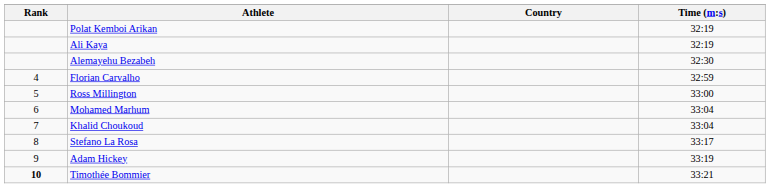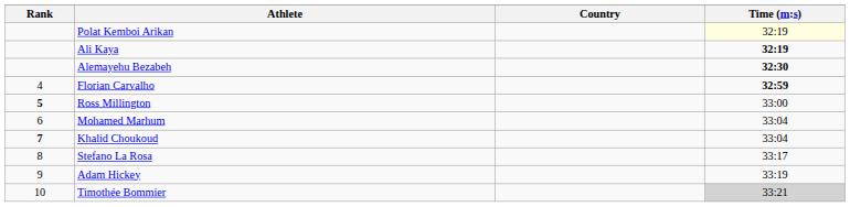 <table class="wikitable" style="text-align:center;" width="60%">
 <tr>
 </tr>
 <tr>
 <th width=5%>Rank</th>
 <th width=30%>Athlete</th>
 <th width=15%>Country</th>
 <th width=10%>Time (<a href='#'>m</a>:<a href='#'>s</a>)</th>
 </tr>
 <tr>
 <td></td>
 <td align="left"><a href='#'>Polat Kemboi Arikan</a></td>
 <td align="left"></td>
-<td>32:19</td>
+<td style="background: lightyellow;">32:19</td>
 </tr>
 <tr>
 <td></td>
 <td align="left"><a href='#'>Ali Kaya</a></td>
 <td align="left"></td>
-<td>32:19</td>
+<td><strong>32:19</strong></td>
 </tr>
 <tr>
 <td></td>
 <td align="left"><a href='#'>Alemayehu Bezabeh</a></td>
 <td align="left"></td>
-<td>32:30</td>
+<td><strong>32:30</strong></td>
 </tr>
 <tr>
 <td>4</td>
 <td align="left"><a href='#'>Florian Carvalho</a></td>
 <td align="left"></td>
-<td>32:59</td>
+<td><strong>32:59</strong></td>
 </tr>
 <tr>
-<td>5</td>
+<td><strong>5</strong></td>
 <td align="left"><a href='#'>Ross Millington</a></td>
 <td align="left"></td>
 <td>33:00</td>
 </tr>
 <tr>
 <td>6</td>
 <td align="left"><a href='#'>Mohamed Marhum</a></td>
 <td align="left"></td>
 <td>33:04</td>
 </tr>
 <tr>
-<td>7</td>
+<td><strong>7</strong></td>
 <td align="left"><a href='#'>Khalid Choukoud</a></td>
 <td align="left"></td>
 <td>33:04</td>
 </tr>
 <tr>
 <td>8</td>
 <td align="left"><a href='#'>Stefano La Rosa</a></td>
 <td align="left"></td>
 <td>33:17</td>
 </tr>
 <tr>
 <td>9</td>
 <td align="left"><a href='#'>Adam Hickey</a></td>
 <td align="left"></td>
 <td>33:19</td>
 </tr>
 <tr>
-<td><strong>10</strong></td>
+<td>10</td>
 <td align="left"><a href='#'>Timothée Bommier</a></td>
 <td align="left"></td>
-<td>33:21</td>
+<td style="background: lightgrey;">33:21</td>
 </tr>
 </table>
